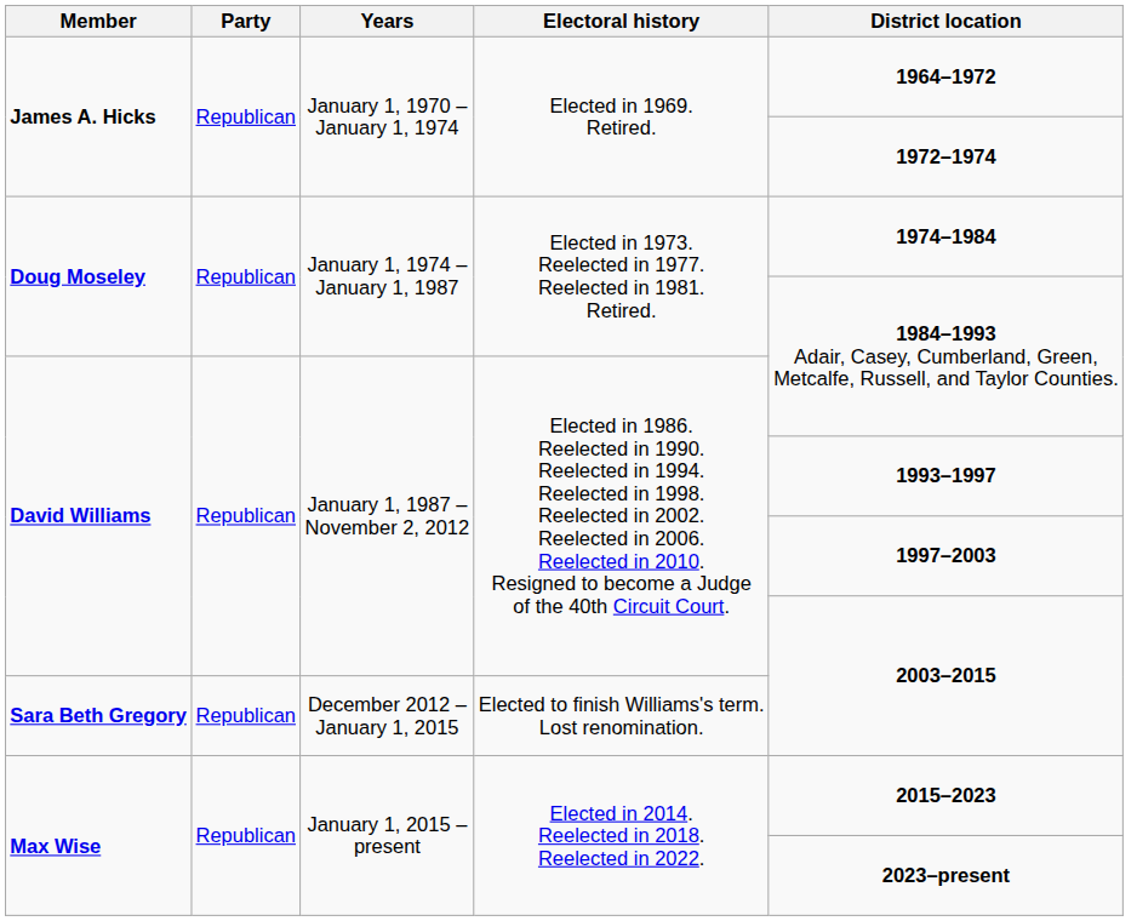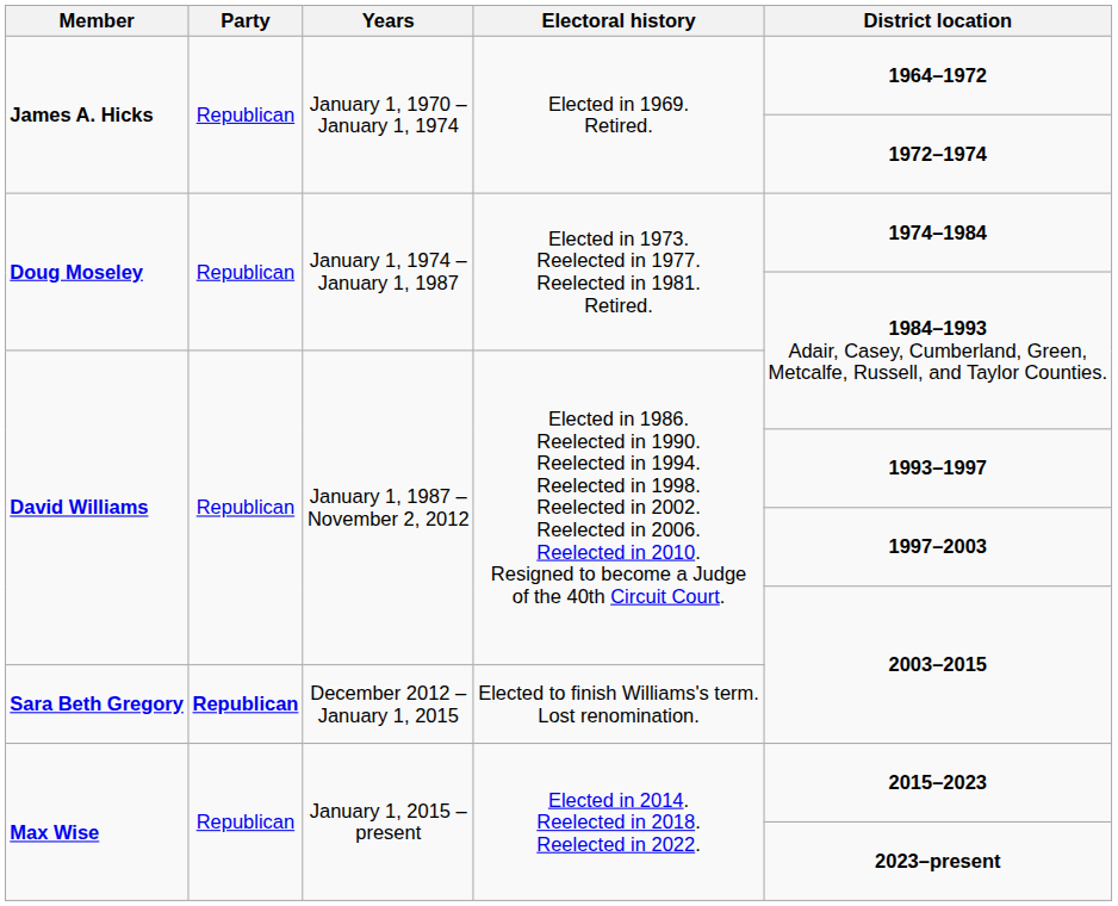 <table class=wikitable style="text-align:center">
 <tr>
 <th>Member</th>
 <th>Party</th>
 <th>Years</th>
 <th>Electoral history</th>
 <th>District location</th>
 </tr>
 <tr style="height:4em">
 <td rowspan=2 align=left><strong>James A. Hicks</strong><br></td>
 <td rowspan=2 ><a href='#'>Republican</a></td>
 <td rowspan=2 nowrap>January 1, 1970 –<br>January 1, 1974</td>
 <td rowspan=2>Elected in 1969.<br>Retired.</td>
 <td><strong>1964–1972</strong><br></td>
 </tr>
 <tr style="height:4em">
 <td><strong>1972–1974</strong><br></td>
 </tr>
 <tr style="height:4em">
 <td rowspan=2 align=left><strong><a href='#'>Doug Moseley</a></strong><br></td>
 <td rowspan=2 ><a href='#'>Republican</a></td>
 <td rowspan=2 nowrap>January 1, 1974 –<br>January 1, 1987</td>
 <td rowspan=2>Elected in 1973.<br>Reelected in 1977.<br>Reelected in 1981.<br>Retired.</td>
 <td><strong>1974–1984</strong><br></td>
 </tr>
 <tr style="height:4em">
 <td rowspan=2><strong>1984–1993</strong><br>Adair, Casey, Cumberland, Green,<br>Metcalfe, Russell, and Taylor Counties.</td>
 </tr>
 <tr style="height:4em">
 <td rowspan=4 align=left><strong><a href='#'>David Williams</a></strong><br></td>
 <td rowspan=4 ><a href='#'>Republican</a></td>
 <td rowspan=4 nowrap>January 1, 1987 –<br>November 2, 2012</td>
 <td rowspan=4>Elected in 1986.<br>Reelected in 1990.<br>Reelected in 1994.<br>Reelected in 1998.<br>Reelected in 2002.<br>Reelected in 2006.<br><a href='#'>Reelected in 2010</a>.<br>Resigned to become a Judge<br>of the 40th <a href='#'>Circuit Court</a>.</td>
 </tr>
 <tr style="height:4em">
 <td><strong>1993–1997</strong><br></td>
 </tr>
 <tr style="height:4em">
 <td><strong>1997–2003</strong><br></td>
 </tr>
 <tr style="height:4em">
 <td rowspan=2><strong>2003–2015</strong><br></td>
 </tr>
 <tr style="height:4em">
 <td align=left><strong><a href='#'>Sara Beth Gregory</a></strong><br></td>
-<td><a href='#'>Republican</a></td>
+<td><strong><a href='#'>Republican</a></strong></td>
 <td nowrap>December 2012 –<br>January 1, 2015</td>
 <td>Elected to finish Williams's term.<br>Lost renomination.</td>
 </tr>
 <tr style="height:4em">
 <td rowspan=2 align=left><br><strong><a href='#'>Max Wise</a></strong><br></td>
 <td rowspan=2 ><a href='#'>Republican</a></td>
 <td rowspan=2 nowrap>January 1, 2015 –<br>present</td>
 <td rowspan=2><a href='#'>Elected in 2014</a>.<br><a href='#'>Reelected in 2018</a>.<br><a href='#'>Reelected in 2022</a>.</td>
 <td><strong>2015–2023</strong><br></td>
 </tr>
 <tr style="height:4em">
 <td><strong>2023–present</strong><br></td>
 </tr>
 </table>
